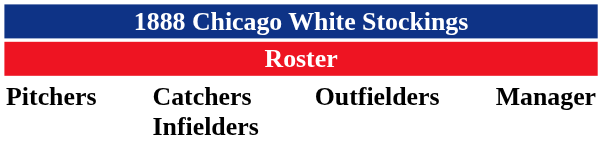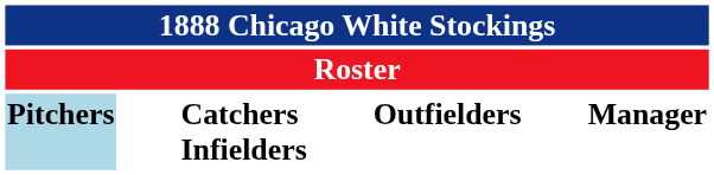 <table class="toccolours" style="font-size: 95%;">
 <tr>
 <th colspan="10" style="background-color: #0e3386; color: white; text-align: center;">1888 Chicago White Stockings</th>
 </tr>
 <tr>
 <td colspan="10" style="background-color: #EE1422; color: white; text-align: center;"><strong>Roster</strong></td>
 </tr>
 <tr>
-<td valign="top"><strong>Pitchers</strong><br>        </td>
+<td valign="top" style="background: lightblue;"><strong>Pitchers</strong><br>        </td>
 <td width="25px"></td>
 <td valign="top"><strong>Catchers</strong><br>    <strong>Infielders</strong>    </td>
 <td width="25px"></td>
 <td valign="top"><strong>Outfielders</strong><br>    </td>
 <td width="25px"></td>
 <td valign="top"><strong>Manager</strong><br></td>
 </tr>
 <tr>
 </tr>
 </table>
